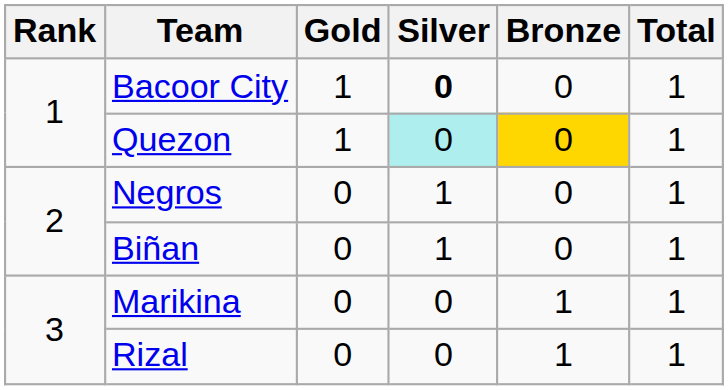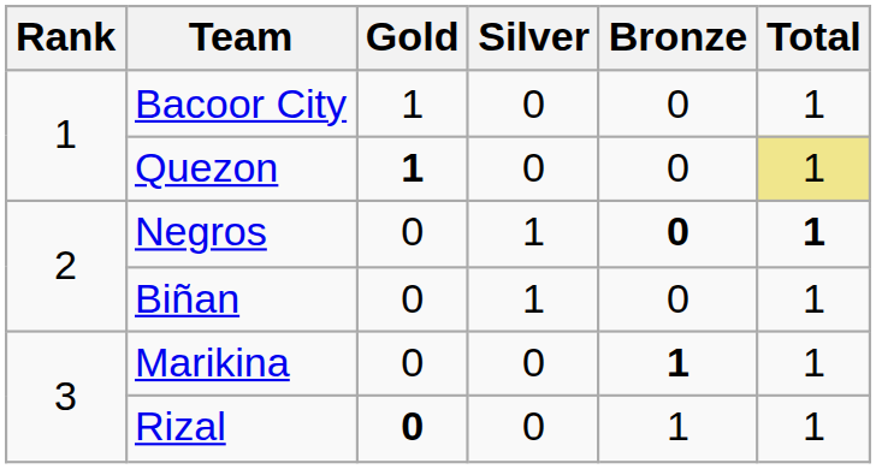 <table class="wikitable" style="text-align:center";>
 <tr>
 <th>Rank</th>
 <th>Team</th>
 <th> Gold</th>
 <th> Silver</th>
 <th> Bronze</th>
 <th>Total</th>
 </tr>
 <tr>
 <td rowspan=2>1</td>
 <td align=left><a href='#'>Bacoor City</a></td>
 <td>1</td>
-<td><strong>0</strong></td>
+<td>0</td>
 <td>0</td>
 <td>1</td>
 </tr>
 <tr>
 <td align=left><a href='#'>Quezon</a></td>
-<td>1</td>
-<td style="background: paleturquoise;">0</td>
-<td style="background: gold;">0</td>
-<td>1</td>
+<td><strong>1</strong></td>
+<td>0</td>
+<td>0</td>
+<td style="background: khaki;">1</td>
 </tr>
 <tr>
 <td rowspan=2>2</td>
 <td align=left><a href='#'>Negros</a></td>
 <td>0</td>
 <td>1</td>
-<td>0</td>
-<td>1</td>
+<td><strong>0</strong></td>
+<td><strong>1</strong></td>
 </tr>
 <tr>
 <td align=left><a href='#'>Biñan</a></td>
 <td>0</td>
 <td>1</td>
 <td>0</td>
 <td>1</td>
 </tr>
 <tr>
 <td rowspan=2>3</td>
 <td align=left><a href='#'>Marikina</a></td>
 <td>0</td>
 <td>0</td>
-<td>1</td>
+<td><strong>1</strong></td>
 <td>1</td>
 </tr>
 <tr>
 <td align=left><a href='#'>Rizal</a></td>
-<td>0</td>
+<td><strong>0</strong></td>
 <td>0</td>
 <td>1</td>
 <td>1</td>
 </tr>
 </table>
